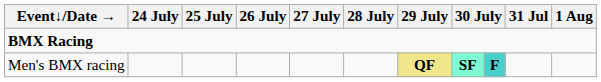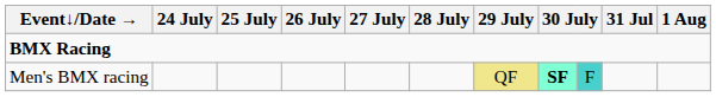 <table class="wikitable olympic-schedule cycling">
 <tr>
 <th>Event↓/Date →</th>
 <th>24 July</th>
 <th>25 July</th>
 <th>26 July</th>
 <th>27 July</th>
 <th>28 July</th>
 <th>29 July</th>
 <th colspan="2">30 July</th>
 <th>31 Jul</th>
 <th>1 Aug</th>
 </tr>
 <tr>
 <td colspan="11" class="event"><strong>BMX Racing</strong></td>
 </tr>
 <tr>
 <td class="event">Men's BMX racing</td>
 <td></td>
 <td></td>
 <td></td>
 <td></td>
 <td></td>
-<td bgcolor="#F0E68C" align="center" class="quarterfinals"><strong>QF</strong></td>
+<td bgcolor="#F0E68C" align="center" class="quarterfinals">QF</td>
 <td bgcolor="#7FFFD4" align="center" class="semifinal"><strong>SF</strong></td>
-<td bgcolor="#48D1CC" align="center" class="finals"><strong>F</strong></td>
+<td bgcolor="#48D1CC" align="center" class="finals">F</td>
 <td></td>
 <td></td>
 </tr>
 </table>
